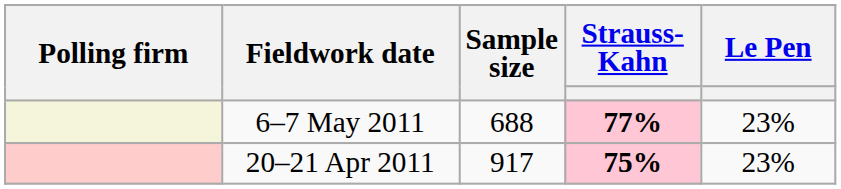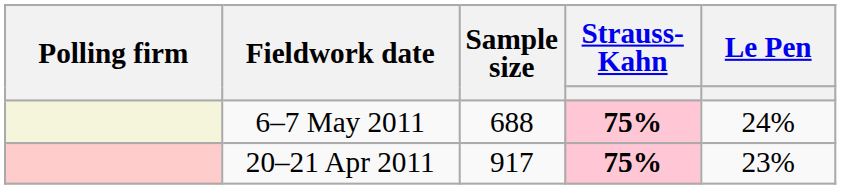 <table class="wikitable sortable" style="text-align:center;font-size:90%;line-height:14px;">
 <tr style="height:40px;">
 <th style="width:100px;" rowspan="2">Polling firm</th>
 <th style="width:110px;" rowspan="2">Fieldwork date</th>
 <th style="width:35px;" rowspan="2">Sample<br>size</th>
 <th class="unsortable" style="width:60px;"><a href='#'>Strauss-Kahn</a><br></th>
 <th class="unsortable" style="width:60px;"><a href='#'>Le Pen</a><br></th>
 </tr>
 <tr>
 <th style="background:"></th>
 <th style="background:"></th>
 </tr>
 <tr>
 <td style="background:beige;"></td>
 <td data-sort-value="2011-05-07">6–7 May 2011</td>
 <td>688</td>
-<td style="background:#FFC6D5;"><strong>77%</strong></td>
-<td>23%</td>
+<td style="background:#FFC6D5;"><strong>75%</strong></td>
+<td>24%</td>
 </tr>
 <tr>
 <td style="background:#FFCCCC;"></td>
 <td data-sort-value="2011-04-21">20–21 Apr 2011</td>
 <td>917</td>
 <td style="background:#FFC6D5;"><strong>75%</strong></td>
 <td>23%</td>
 </tr>
 </table>
